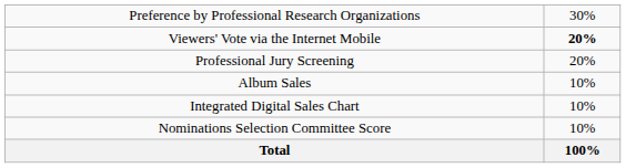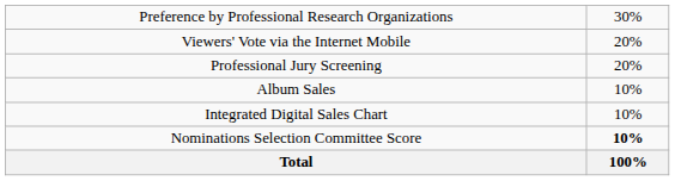 <table class="wikitable plainrowheaders" style="width:35%; text-align:center;">
 <tr>
 <td>Preference by Professional Research Organizations</td>
 <td>30%</td>
 </tr>
 <tr>
 <td>Viewers' Vote via the Internet Mobile</td>
-<td><strong>20%</strong></td>
+<td>20%</td>
 </tr>
 <tr>
 <td>Professional Jury Screening</td>
 <td>20%</td>
 </tr>
 <tr>
 <td>Album Sales</td>
 <td>10%</td>
 </tr>
 <tr>
 <td>Integrated Digital Sales Chart</td>
 <td>10%</td>
 </tr>
 <tr>
 <td>Nominations Selection Committee Score</td>
-<td>10%</td>
+<td><strong>10%</strong></td>
 </tr>
 <tr>
 <th>Total</th>
 <th>100%</th>
 </tr>
 </table>
